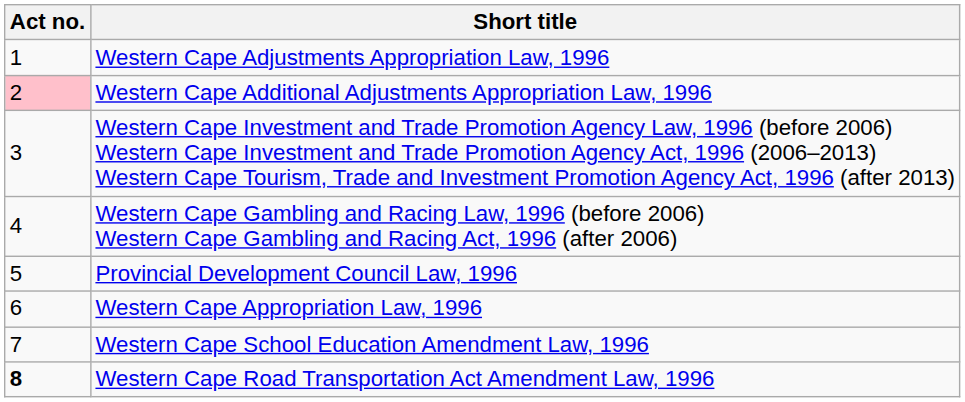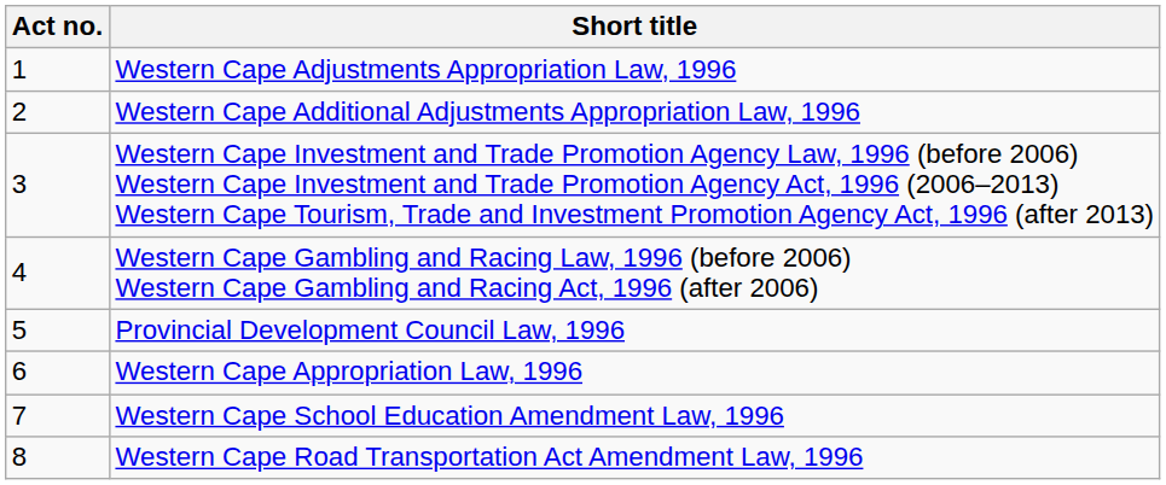 <table class="wikitable">
 <tr>
 <th>Act no.</th>
 <th>Short title</th>
 </tr>
 <tr>
 <td>1</td>
 <td><a href='#'>Western Cape Adjustments Appropriation Law, 1996</a></td>
 </tr>
 <tr>
-<td style="background: pink;">2</td>
+<td>2</td>
 <td><a href='#'>Western Cape Additional Adjustments Appropriation Law, 1996</a></td>
 </tr>
 <tr>
 <td>3</td>
 <td><a href='#'>Western Cape Investment and Trade Promotion Agency Law, 1996</a> (before 2006)<br><a href='#'>Western Cape Investment and Trade Promotion Agency Act, 1996</a> (2006–2013)<br><a href='#'>Western Cape Tourism, Trade and Investment Promotion Agency Act, 1996</a> (after 2013)</td>
 </tr>
 <tr>
 <td>4</td>
 <td><a href='#'>Western Cape Gambling and Racing Law, 1996</a> (before 2006)<br><a href='#'>Western Cape Gambling and Racing Act, 1996</a> (after 2006)</td>
 </tr>
 <tr>
 <td>5</td>
 <td><a href='#'>Provincial Development Council Law, 1996</a></td>
 </tr>
 <tr>
 <td>6</td>
 <td><a href='#'>Western Cape Appropriation Law, 1996</a></td>
 </tr>
 <tr>
 <td>7</td>
 <td><a href='#'>Western Cape School Education Amendment Law, 1996</a></td>
 </tr>
 <tr>
-<td><strong>8</strong></td>
+<td>8</td>
 <td><a href='#'>Western Cape Road Transportation Act Amendment Law, 1996</a></td>
 </tr>
 </table>
